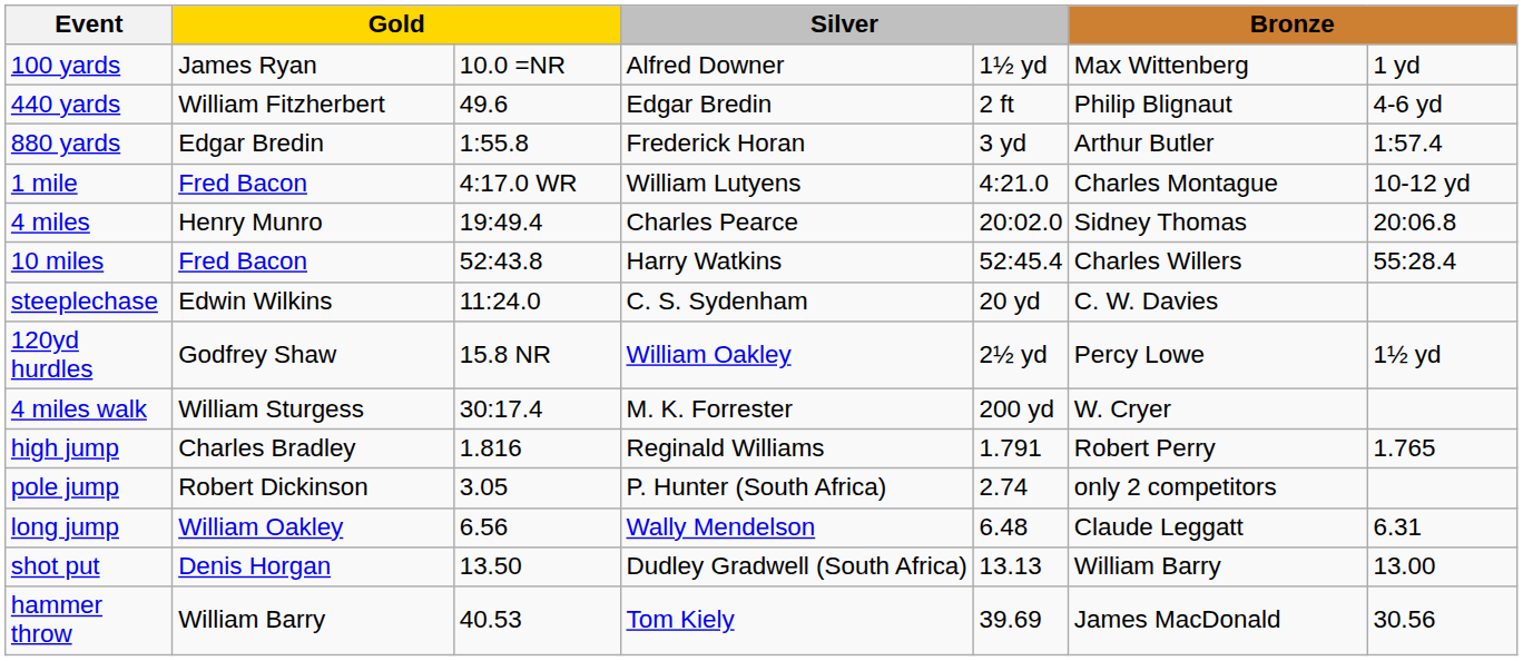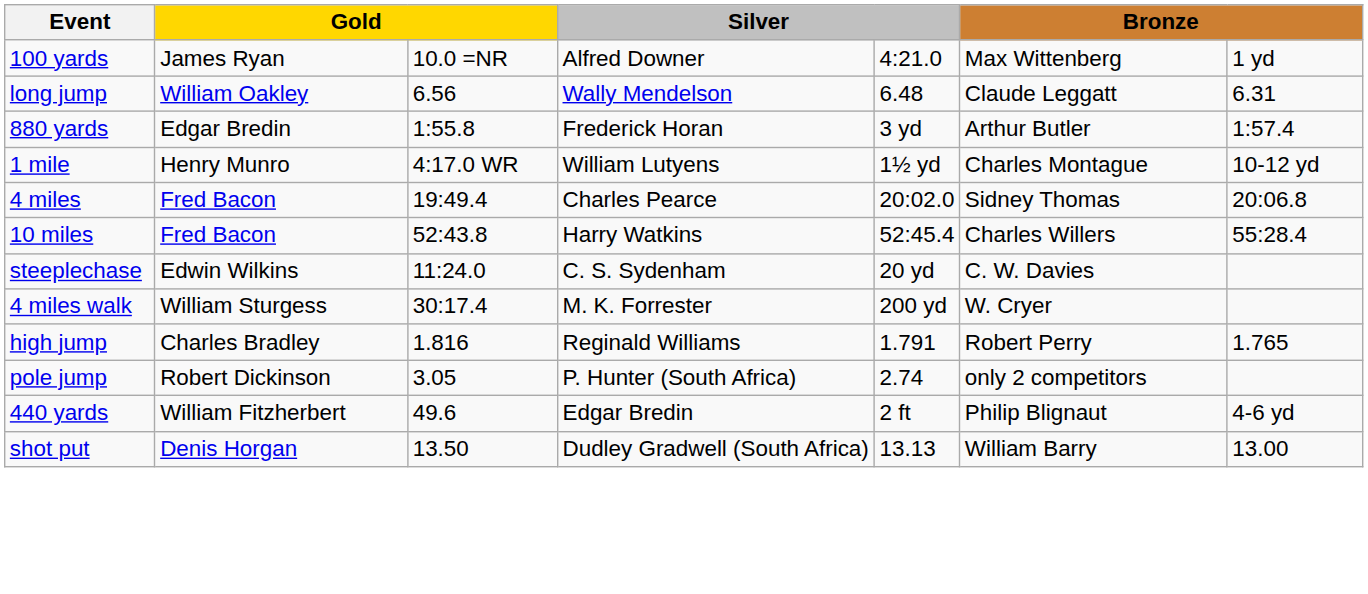 <table class="wikitable" style="text-align:left">
 <tr>
 <th width=100>Event</th>
 <th colspan="2" width="280" style="background:gold;">Gold</th>
 <th colspan="2" width="280" style="background:silver;">Silver</th>
 <th colspan="2" width="280" style="background:#CD7F32;">Bronze</th>
 </tr>
 <tr>
 <td><a href='#'>100 yards</a></td>
 <td> James Ryan</td>
 <td>10.0 =NR</td>
 <td>Alfred Downer</td>
-<td>1½ yd</td>
+<td>4:21.0</td>
 <td>Max Wittenberg</td>
 <td>1 yd</td>
 </tr>
 <tr>
-<td><a href='#'>440 yards</a></td>
-<td>William Fitzherbert</td>
-<td>49.6</td>
-<td>Edgar Bredin</td>
-<td>2 ft</td>
-<td>Philip Blignaut</td>
-<td>4-6 yd</td>
+<td><a href='#'>long jump</a></td>
+<td><a href='#'>William Oakley</a></td>
+<td>6.56</td>
+<td> <a href='#'>Wally Mendelson</a></td>
+<td>6.48</td>
+<td>Claude Leggatt</td>
+<td>6.31</td>
 </tr>
 <tr>
 <td><a href='#'>880 yards</a></td>
 <td> Edgar Bredin</td>
 <td>1:55.8</td>
 <td>Frederick Horan</td>
 <td>3 yd</td>
 <td>Arthur Butler</td>
 <td>1:57.4</td>
 </tr>
 <tr>
 <td><a href='#'>1 mile</a></td>
-<td><a href='#'>Fred Bacon</a></td>
+<td>Henry Munro</td>
 <td>4:17.0 WR</td>
 <td>William Lutyens</td>
-<td>4:21.0</td>
+<td>1½ yd</td>
 <td>Charles Montague</td>
 <td>10-12 yd</td>
 </tr>
 <tr>
 <td><a href='#'>4 miles</a></td>
-<td>Henry Munro</td>
+<td><a href='#'>Fred Bacon</a></td>
 <td>19:49.4</td>
 <td>Charles Pearce</td>
 <td>20:02.0</td>
 <td>Sidney Thomas</td>
 <td>20:06.8</td>
 </tr>
 <tr>
 <td><a href='#'>10 miles</a></td>
 <td><a href='#'>Fred Bacon</a></td>
 <td>52:43.8</td>
 <td>Harry Watkins</td>
 <td>52:45.4</td>
 <td>Charles Willers</td>
 <td>55:28.4</td>
 </tr>
 <tr>
 <td><a href='#'>steeplechase</a></td>
 <td>Edwin Wilkins</td>
 <td>11:24.0</td>
 <td>C. S. Sydenham</td>
 <td>20 yd</td>
 <td>C. W. Davies</td>
 <td></td>
-</tr>
-<tr>
-<td><a href='#'>120yd hurdles</a></td>
-<td>Godfrey Shaw</td>
-<td>15.8 NR</td>
-<td><a href='#'>William Oakley</a></td>
-<td>2½ yd</td>
-<td>Percy Lowe</td>
-<td>1½ yd</td>
 </tr>
 <tr>
 <td><a href='#'>4 miles walk</a></td>
 <td>William Sturgess</td>
 <td>30:17.4</td>
 <td>M. K. Forrester</td>
 <td>200 yd</td>
 <td>W. Cryer</td>
 <td></td>
 </tr>
 <tr>
 <td><a href='#'>high jump</a></td>
 <td>Charles Bradley</td>
 <td>1.816</td>
 <td>Reginald Williams</td>
 <td>1.791</td>
 <td>Robert Perry</td>
 <td>1.765</td>
 </tr>
 <tr>
 <td><a href='#'>pole jump</a></td>
 <td>Robert Dickinson</td>
 <td>3.05</td>
 <td>P. Hunter (South Africa)</td>
 <td>2.74</td>
 <td>only 2 competitors</td>
 <td></td>
 </tr>
 <tr>
-<td><a href='#'>long jump</a></td>
-<td><a href='#'>William Oakley</a></td>
-<td>6.56</td>
-<td> <a href='#'>Wally Mendelson</a></td>
-<td>6.48</td>
-<td>Claude Leggatt</td>
-<td>6.31</td>
+<td><a href='#'>440 yards</a></td>
+<td>William Fitzherbert</td>
+<td>49.6</td>
+<td>Edgar Bredin</td>
+<td>2 ft</td>
+<td>Philip Blignaut</td>
+<td>4-6 yd</td>
 </tr>
 <tr>
 <td><a href='#'>shot put</a></td>
 <td> <a href='#'>Denis Horgan</a></td>
 <td>13.50</td>
 <td>Dudley Gradwell (South Africa)</td>
 <td>13.13</td>
 <td> William Barry</td>
 <td>13.00</td>
 </tr>
-<tr>
-<td><a href='#'>hammer throw</a></td>
-<td> William Barry</td>
-<td>40.53</td>
-<td> <a href='#'>Tom Kiely</a></td>
-<td>39.69</td>
-<td> James MacDonald</td>
-<td>30.56</td>
-</tr>
 </table>
